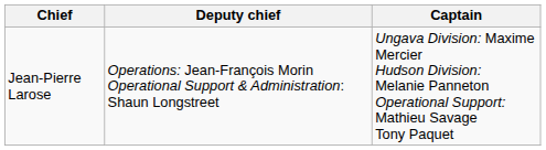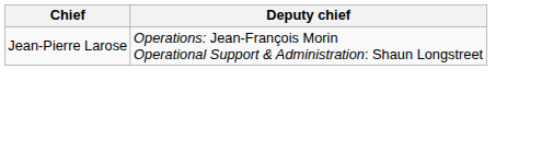 <table class="wikitable sortable">
 <tr>
 <th>Chief</th>
 <th>Deputy chief</th>
-<th>Captain</th>
 </tr>
 <tr>
 <td>Jean-Pierre Larose</td>
 <td><em>Operations:</em> Jean-François Morin<br><em>Operational Support & Administration</em>: Shaun Longstreet</td>
-<td><em>Ungava Division:</em> Maxime Mercier<br><em>Hudson Division:</em><br>Melanie Panneton<br><em>Operational Support:</em><br>Mathieu Savage<br>Tony Paquet</td>
 </tr>
 </table>
